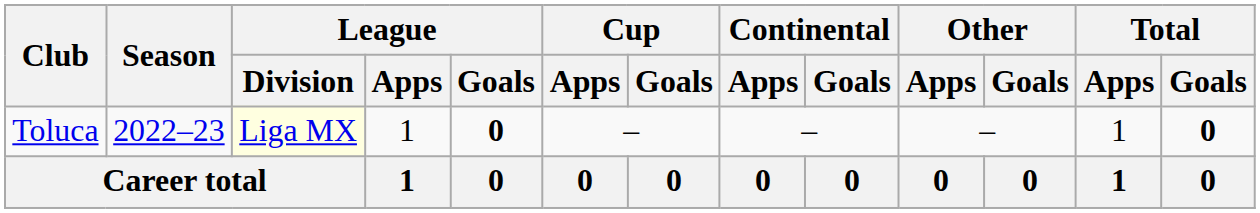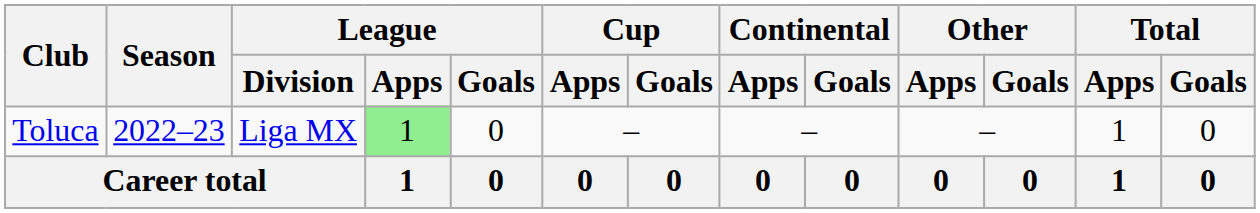 <table class="wikitable" style="text-align: center">
 <tr>
 <th rowspan="2">Club</th>
 <th rowspan="2">Season</th>
 <th colspan="3">League</th>
 <th colspan="2">Cup</th>
 <th colspan="2">Continental</th>
 <th colspan="2">Other</th>
 <th colspan="2">Total</th>
 </tr>
 <tr>
 <th>Division</th>
 <th>Apps</th>
 <th>Goals</th>
 <th>Apps</th>
 <th>Goals</th>
 <th>Apps</th>
 <th>Goals</th>
 <th>Apps</th>
 <th>Goals</th>
 <th>Apps</th>
 <th>Goals</th>
 </tr>
 <tr>
 <td><a href='#'>Toluca</a></td>
 <td><a href='#'>2022–23</a></td>
-<td style="background: lightyellow;"><a href='#'>Liga MX</a></td>
-<td>1</td>
-<td><strong>0</strong></td>
+<td><a href='#'>Liga MX</a></td>
+<td style="background: lightgreen;">1</td>
+<td>0</td>
 <td colspan="2">–</td>
 <td colspan="2">–</td>
 <td colspan="2">–</td>
 <td>1</td>
-<td><strong>0</strong></td>
+<td>0</td>
 </tr>
 <tr>
 <th colspan="3">Career total</th>
 <th>1</th>
 <th>0</th>
 <th>0</th>
 <th>0</th>
 <th>0</th>
 <th>0</th>
 <th>0</th>
 <th>0</th>
 <th>1</th>
 <th>0</th>
 </tr>
 </table>
